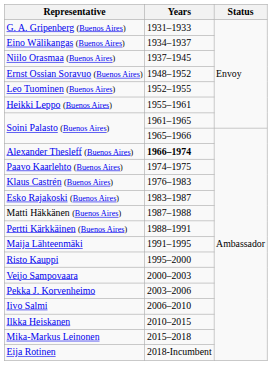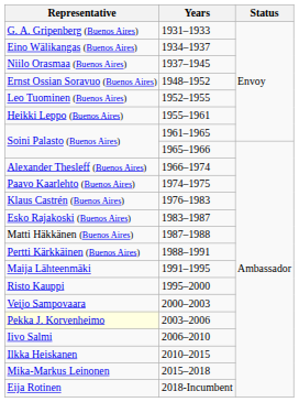 <table class="wikitable sortable">
 <tr>
 <th>Representative</th>
 <th>Years</th>
 <th>Status</th>
 </tr>
 <tr>
 <td><a href='#'>G. A. Gripenberg</a> <small>(<a href='#'>Buenos Aires</a>)</small></td>
 <td>1931–1933</td>
 <td rowspan="7">Envoy</td>
 </tr>
 <tr>
 <td><a href='#'>Eino Wälikangas</a> <small>(<a href='#'>Buenos Aires</a>)</small></td>
 <td>1934–1937</td>
 </tr>
 <tr>
 <td><a href='#'>Niilo Orasmaa</a> <small>(<a href='#'>Buenos Aires</a>)</small></td>
 <td>1937–1945</td>
 </tr>
 <tr>
 <td><a href='#'>Ernst Ossian Soravuo</a> <small>(<a href='#'>Buenos Aires</a>)</small></td>
 <td>1948–1952</td>
 </tr>
 <tr>
 <td><a href='#'>Leo Tuominen</a> <small>(<a href='#'>Buenos Aires</a>)</small></td>
 <td>1952–1955</td>
 </tr>
 <tr>
 <td><a href='#'>Heikki Leppo</a> <small>(<a href='#'>Buenos Aires</a>)</small></td>
 <td>1955–1961</td>
 </tr>
 <tr>
 <td rowspan="2"><a href='#'>Soini Palasto</a> <small>(<a href='#'>Buenos Aires</a>)</small></td>
 <td>1961–1965</td>
 </tr>
 <tr>
 <td>1965–1966</td>
 <td rowspan="15">Ambassador</td>
 </tr>
 <tr>
 <td><a href='#'>Alexander Thesleff</a> <small>(<a href='#'>Buenos Aires</a>)</small></td>
-<td><strong>1966–1974</strong></td>
+<td>1966–1974</td>
 </tr>
 <tr>
 <td><a href='#'>Paavo Kaarlehto</a> <small>(<a href='#'>Buenos Aires</a>)</small></td>
 <td>1974–1975</td>
 </tr>
 <tr>
 <td><a href='#'>Klaus Castrén</a> <small>(<a href='#'>Buenos Aires</a>)</small></td>
 <td>1976–1983</td>
 </tr>
 <tr>
 <td><a href='#'>Esko Rajakoski</a> <small>(<a href='#'>Buenos Aires</a>)</small></td>
 <td>1983–1987</td>
 </tr>
 <tr>
 <td>Matti Häkkänen <small>(<a href='#'>Buenos Aires</a>)</small></td>
 <td>1987–1988</td>
 </tr>
 <tr>
 <td><a href='#'>Pertti Kärkkäinen</a> <small>(<a href='#'>Buenos Aires</a>)</small></td>
 <td>1988–1991</td>
 </tr>
 <tr>
 <td><a href='#'>Maija Lähteenmäki</a></td>
 <td>1991–1995</td>
 </tr>
 <tr>
 <td><a href='#'>Risto Kauppi</a></td>
 <td>1995–2000</td>
 </tr>
 <tr>
 <td><a href='#'>Veijo Sampovaara</a></td>
 <td>2000–2003</td>
 </tr>
 <tr>
-<td><a href='#'>Pekka J. Korvenheimo</a></td>
+<td style="background: lightyellow;"><a href='#'>Pekka J. Korvenheimo</a></td>
 <td>2003–2006</td>
 </tr>
 <tr>
 <td><a href='#'>Iivo Salmi</a></td>
 <td>2006–2010</td>
 </tr>
 <tr>
 <td><a href='#'>Ilkka Heiskanen</a></td>
 <td>2010–2015</td>
 </tr>
 <tr>
 <td><a href='#'>Mika-Markus Leinonen</a></td>
 <td>2015–2018</td>
 </tr>
 <tr>
 <td><a href='#'>Eija Rotinen</a></td>
 <td>2018-Incumbent</td>
 </tr>
 </table>
